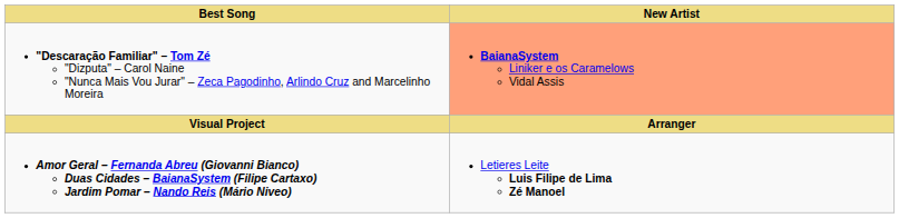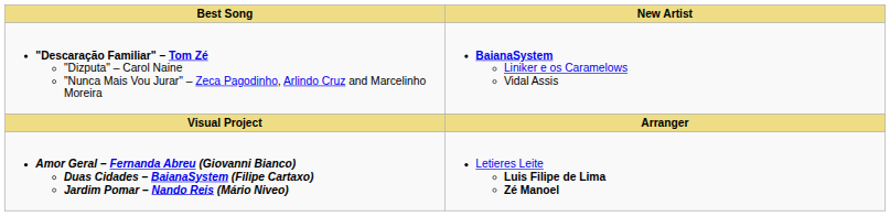 <table class="wikitable" style="width=">
 <tr>
 <th style="background:#EEDD85; width:50%">Best Song</th>
 <th style="background:#EEDD85; width:50%">New Artist</th>
 </tr>
 <tr>
 <td style="vertical-align:top"><br><ul><li><strong>"Descaração Familiar" – <a href='#'>Tom Zé</a></strong><ul><li>"Dizputa" – Carol Naine</li><li>"Nunca Mais Vou Jurar" – <a href='#'>Zeca Pagodinho</a>, <a href='#'>Arlindo Cruz</a> and Marcelinho Moreira</li></ul></li></ul></td>
-<td style="background: lightsalmon; vertical-align:top"><br><ul><li><strong><a href='#'>BaianaSystem</a></strong><ul><li><a href='#'>Liniker e os Caramelows</a></li><li>Vidal Assis</li></ul></li></ul></td>
+<td style="vertical-align:top"><br><ul><li><strong><a href='#'>BaianaSystem</a></strong><ul><li><a href='#'>Liniker e os Caramelows</a></li><li>Vidal Assis</li></ul></li></ul></td>
 </tr>
 <tr>
 <th style="background:#EEDD85; width:50%">Visual Project</th>
 <th style="background:#EEDD85; width:50%">Arranger</th>
 </tr>
 <tr>
 <td style="vertical-align:top"><br><ul><li><strong><em>Amor Geral<em> – <a href='#'>Fernanda Abreu</a> (Giovanni Bianco)<strong><ul><li></em>Duas Cidades<em> – <a href='#'>BaianaSystem</a> (Filipe Cartaxo)</li><li></em>Jardim Pomar<em> – <a href='#'>Nando Reis</a> (Mário Niveo)</li></ul></li></ul></td>
 <td style="vertical-align:top"><br><ul><li></strong><a href='#'>Letieres Leite</a><strong><ul><li>Luis Filipe de Lima</li><li>Zé Manoel</li></ul></li></ul></td>
 </tr>
 </table>
